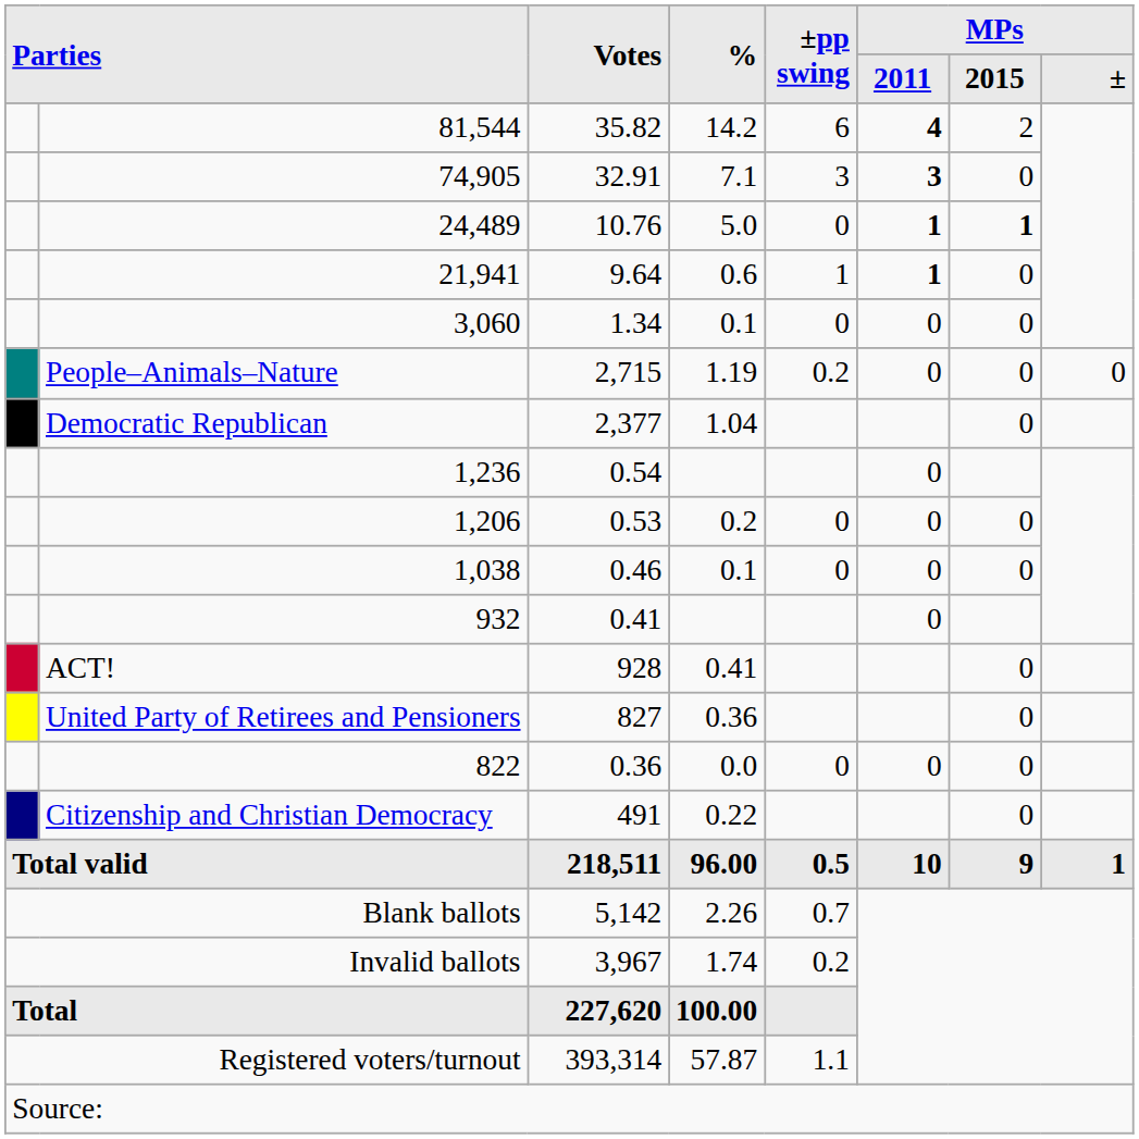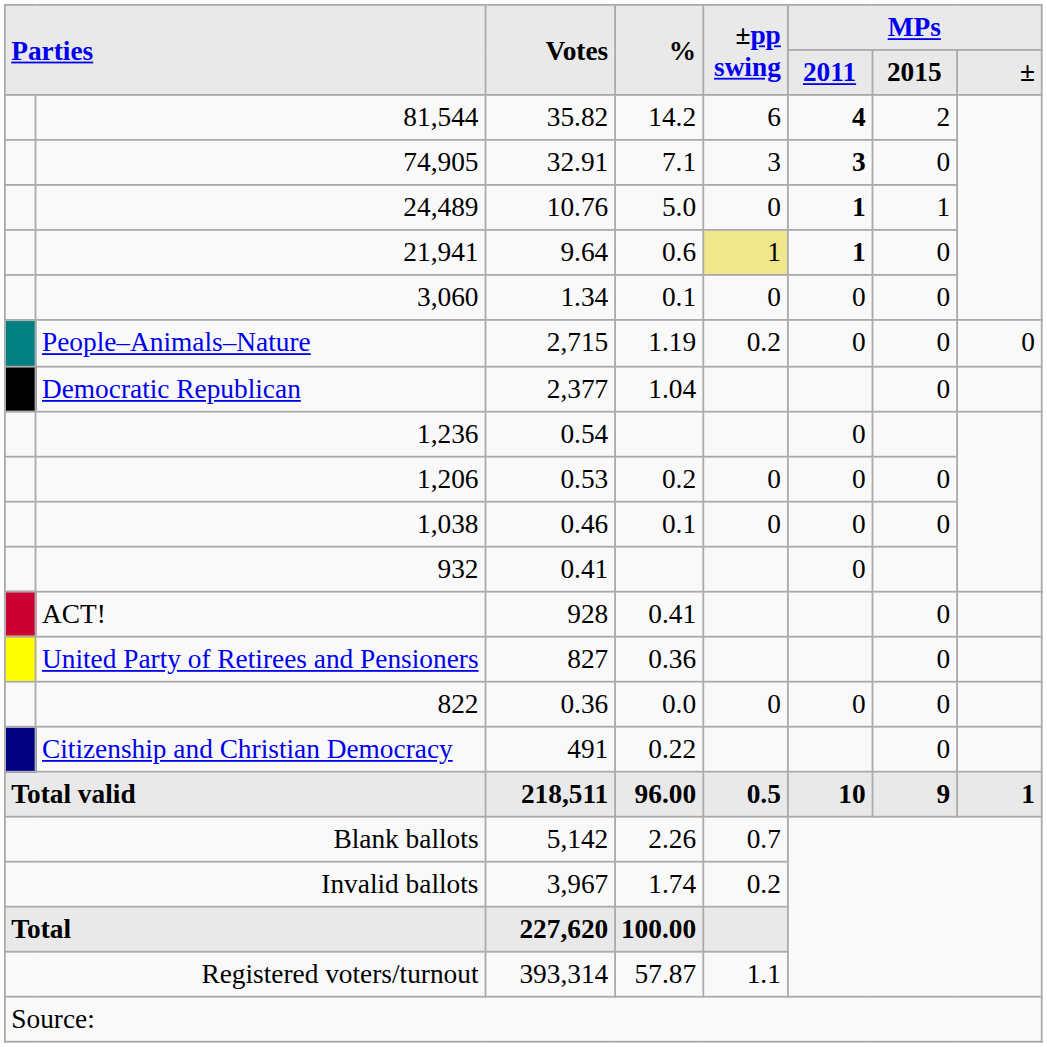 <table class="wikitable" style="text-align:right; font-size:95%;">
 <tr>
 <th rowspan="2" colspan="2" style="background:#e9e9e9; text-align:left;" alignleft><a href='#'>Parties</a></th>
 <th rowspan="2" style="background:#e9e9e9; text-align:right;">Votes</th>
 <th rowspan="2" style="background:#e9e9e9; text-align:right;">%</th>
 <th rowspan="2" style="background:#e9e9e9; text-align:right;">±<a href='#'>pp</a> <a href='#'>swing</a></th>
 <th colspan="3" style="background:#e9e9e9; text-align:center;"><a href='#'>MPs</a></th>
 </tr>
 <tr style="background-color:#E9E9E9">
 <th style="background-color:#E9E9E9;text-align:center;"><a href='#'>2011</a></th>
 <th style="background-color:#E9E9E9;text-align:center;">2015</th>
 <th style="background:#e9e9e9; text-align:right;">±</th>
 </tr>
 <tr>
 <td> </td>
 <td>81,544</td>
 <td>35.82</td>
 <td>14.2</td>
 <td>6</td>
 <td><strong>4</strong></td>
 <td>2</td>
 </tr>
 <tr>
 <td></td>
 <td>74,905</td>
 <td>32.91</td>
 <td>7.1</td>
 <td>3</td>
 <td><strong>3</strong></td>
 <td>0</td>
 </tr>
 <tr>
 <td></td>
 <td>24,489</td>
 <td>10.76</td>
 <td>5.0</td>
 <td>0</td>
 <td><strong>1</strong></td>
-<td><strong>1</strong></td>
+<td>1</td>
 </tr>
 <tr>
 <td></td>
 <td>21,941</td>
 <td>9.64</td>
 <td>0.6</td>
-<td>1</td>
+<td style="background: khaki;">1</td>
 <td><strong>1</strong></td>
 <td>0</td>
 </tr>
 <tr>
 <td></td>
 <td>3,060</td>
 <td>1.34</td>
 <td>0.1</td>
 <td>0</td>
 <td>0</td>
 <td>0</td>
 </tr>
 <tr>
 <td style="width: 10px" bgcolor="teal" align="center"></td>
 <td align="left"><a href='#'>People–Animals–Nature</a></td>
 <td>2,715</td>
 <td>1.19</td>
 <td>0.2</td>
 <td>0</td>
 <td>0</td>
 <td>0</td>
 </tr>
 <tr>
 <td style="width: 10px" bgcolor=black align="center"></td>
 <td align=left><a href='#'>Democratic Republican</a></td>
 <td>2,377</td>
 <td>1.04</td>
 <td></td>
 <td></td>
 <td>0</td>
 <td></td>
 </tr>
 <tr>
 <td></td>
 <td>1,236</td>
 <td>0.54</td>
 <td></td>
 <td></td>
 <td>0</td>
 <td></td>
 </tr>
 <tr>
 <td></td>
 <td>1,206</td>
 <td>0.53</td>
 <td>0.2</td>
 <td>0</td>
 <td>0</td>
 <td>0</td>
 </tr>
 <tr>
 <td></td>
 <td>1,038</td>
 <td>0.46</td>
 <td>0.1</td>
 <td>0</td>
 <td>0</td>
 <td>0</td>
 </tr>
 <tr>
 <td></td>
 <td>932</td>
 <td>0.41</td>
 <td></td>
 <td></td>
 <td>0</td>
 <td></td>
 </tr>
 <tr>
 <td style="width:10px; background:#CC0033; text-align:center;"></td>
 <td style="text-align:left;">ACT! </td>
 <td>928</td>
 <td>0.41</td>
 <td></td>
 <td></td>
 <td>0</td>
 <td></td>
 </tr>
 <tr>
 <td style="width: 10px" bgcolor=yellow align="center"></td>
 <td align=left><a href='#'>United Party of Retirees and Pensioners</a></td>
 <td>827</td>
 <td>0.36</td>
 <td></td>
 <td></td>
 <td>0</td>
 <td></td>
 </tr>
 <tr>
 <td></td>
 <td>822</td>
 <td>0.36</td>
 <td>0.0</td>
 <td>0</td>
 <td>0</td>
 <td>0</td>
 </tr>
 <tr>
 <td style="width: 10px" bgcolor=#000080 align="center"></td>
 <td align=left><a href='#'>Citizenship and Christian Democracy</a></td>
 <td>491</td>
 <td>0.22</td>
 <td></td>
 <td></td>
 <td>0</td>
 <td></td>
 </tr>
 <tr>
 <td colspan=2 align=left style="background-color:#E9E9E9"><strong>Total valid</strong></td>
 <td width="65" align="right" style="background-color:#E9E9E9"><strong>218,511</strong></td>
 <td width="40" align="right" style="background-color:#E9E9E9"><strong>96.00</strong></td>
 <td width="40" align="right" style="background-color:#E9E9E9"><strong>0.5</strong></td>
 <td width="40" align="right" style="background-color:#E9E9E9"><strong>10</strong></td>
 <td width="40" align="right" style="background-color:#E9E9E9"><strong>9</strong></td>
 <td width="40" align="right" style="background-color:#E9E9E9"><strong>1</strong></td>
 </tr>
 <tr>
 <td colspan=2>Blank ballots</td>
 <td>5,142</td>
 <td>2.26</td>
 <td>0.7</td>
 <td colspan=4 rowspan=4></td>
 </tr>
 <tr>
 <td colspan=2>Invalid ballots</td>
 <td>3,967</td>
 <td>1.74</td>
 <td>0.2</td>
 </tr>
 <tr>
 <td colspan=2 width="259" align=left style="background-color:#E9E9E9"><strong>Total</strong></td>
 <td width="50" align="right" style="background-color:#E9E9E9"><strong>227,620</strong></td>
 <td width="40" align="right" style="background-color:#E9E9E9"><strong>100.00</strong></td>
 <td width="40" align="right" style="background-color:#E9E9E9"></td>
 </tr>
 <tr>
 <td colspan=2>Registered voters/turnout</td>
 <td>393,314</td>
 <td>57.87</td>
 <td>1.1</td>
 </tr>
 <tr>
 <td colspan=11 align=left>Source: </td>
 </tr>
 </table>
